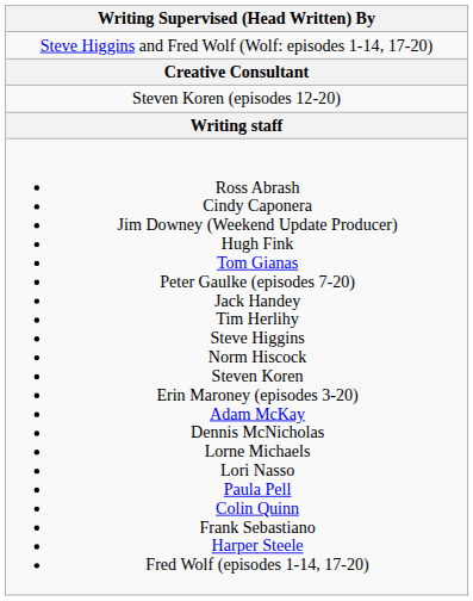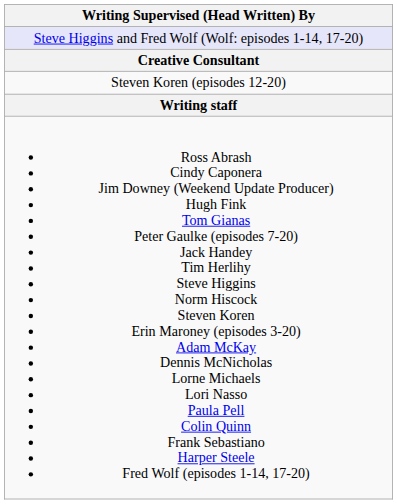 <table class="wikitable plainrowheaders"  style="text-align:center; width:50%;">
 <tr>
 <th><strong>Writing Supervised (Head Written) By</strong></th>
 </tr>
 <tr>
-<td><a href='#'>Steve Higgins</a> and Fred Wolf (Wolf: episodes 1-14, 17-20)</td>
+<td style="background: lavender;"><a href='#'>Steve Higgins</a> and Fred Wolf (Wolf: episodes 1-14, 17-20)</td>
 </tr>
 <tr>
 <th><strong>Creative Consultant</strong></th>
 </tr>
 <tr>
 <td>Steven Koren (episodes 12-20)</td>
 </tr>
 <tr>
 <th><strong>Writing staff</strong></th>
 </tr>
 <tr>
 <td><br><ul><li>Ross Abrash</li><li>Cindy Caponera</li><li>Jim Downey (Weekend Update Producer)</li><li>Hugh Fink</li><li><a href='#'>Tom Gianas</a></li><li>Peter Gaulke (episodes 7-20)</li><li>Jack Handey</li><li>Tim Herlihy</li><li>Steve Higgins</li><li>Norm Hiscock</li><li>Steven Koren</li><li>Erin Maroney (episodes 3-20)</li><li><a href='#'>Adam McKay</a></li><li>Dennis McNicholas</li><li>Lorne Michaels</li><li>Lori Nasso</li><li><a href='#'>Paula Pell</a></li><li><a href='#'>Colin Quinn</a></li><li>Frank Sebastiano</li><li><a href='#'>Harper Steele</a></li><li>Fred Wolf (episodes 1-14, 17-20)</li></ul></td>
 </tr>
 </table>
